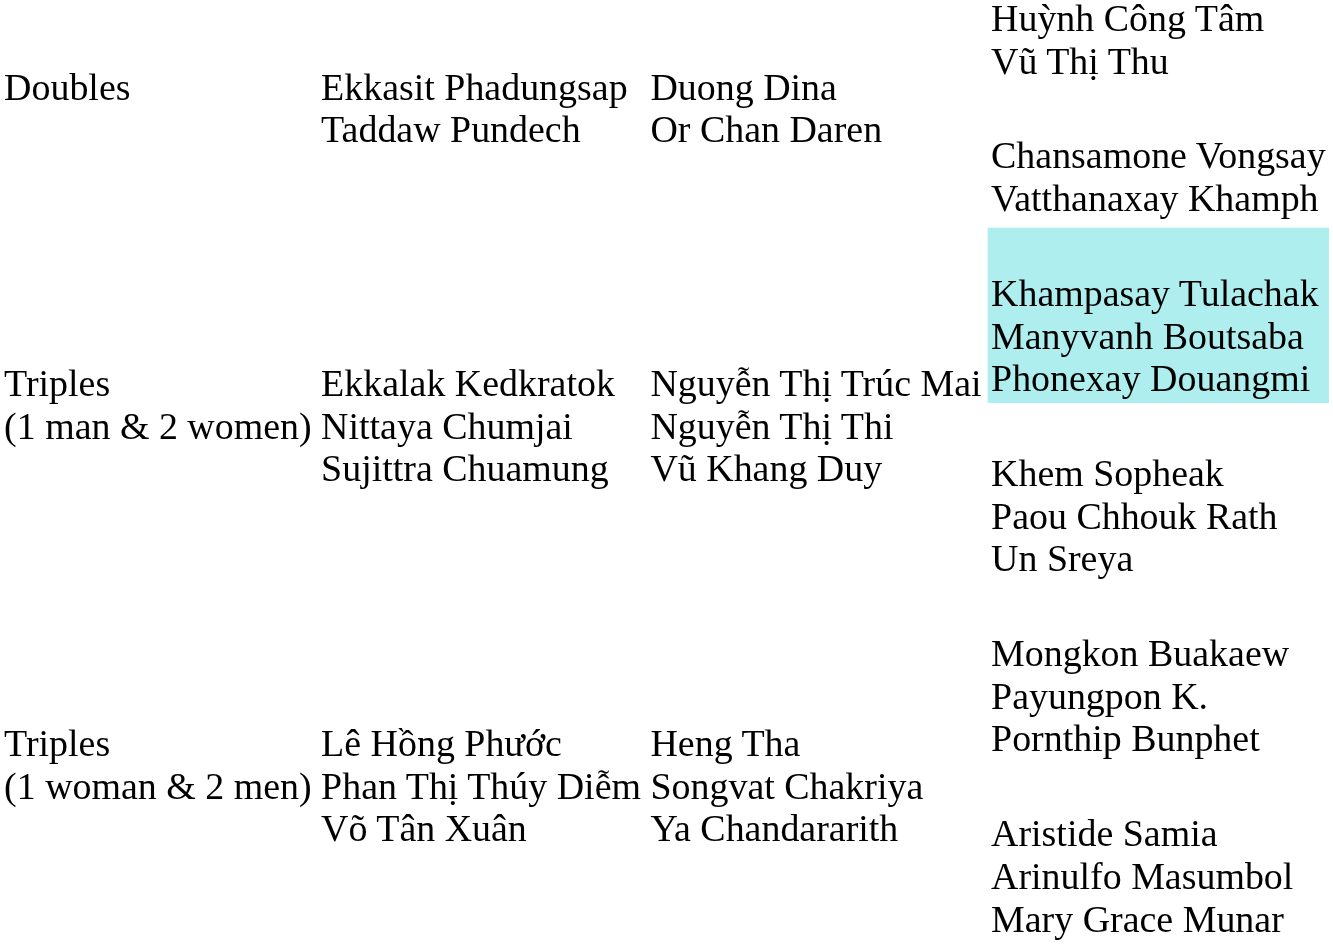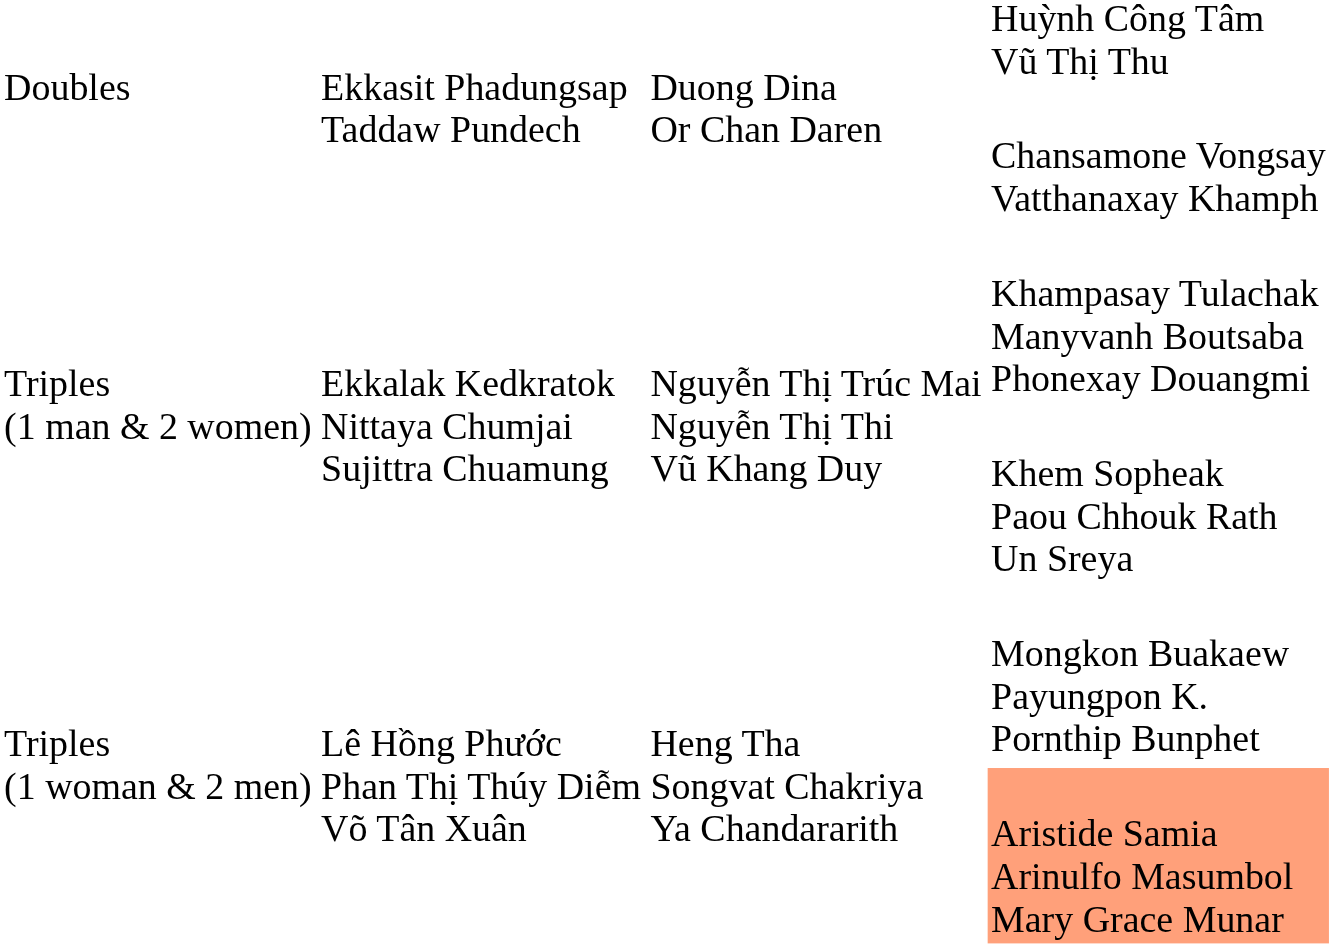 <table>
 <tr>
 <td rowspan="2">Doubles</td>
 <td rowspan="2"><br>Ekkasit Phadungsap<br>Taddaw Pundech</td>
 <td rowspan="2"><br>Duong Dina<br>Or Chan Daren</td>
 <td><br>Huỳnh Công Tâm<br>Vũ Thị Thu</td>
 </tr>
 <tr>
 <td nowrap><br>Chansamone Vongsay<br>Vatthanaxay Khamph</td>
 </tr>
 <tr>
 <td rowspan="2">Triples<br>(1 man & 2 women)</td>
 <td rowspan="2"><br>Ekkalak Kedkratok<br>Nittaya Chumjai<br>Sujittra Chuamung</td>
 <td rowspan="2" nowrap><br>Nguyễn Thị Trúc Mai<br>Nguyễn Thị Thi<br>Vũ Khang Duy</td>
-<td style="background: paleturquoise;"><br>Khampasay Tulachak<br>Manyvanh Boutsaba<br>Phonexay Douangmi</td>
+<td><br>Khampasay Tulachak<br>Manyvanh Boutsaba<br>Phonexay Douangmi</td>
 </tr>
 <tr>
 <td><br>Khem Sopheak<br>Paou Chhouk Rath<br>Un Sreya</td>
 </tr>
 <tr>
 <td rowspan="2">Triples<br>(1 woman & 2 men)</td>
 <td rowspan="2" nowrap><br>Lê Hồng Phước<br>Phan Thị Thúy Diễm<br>Võ Tân Xuân</td>
 <td rowspan="2"><br>Heng Tha<br>Songvat Chakriya<br>Ya Chandararith</td>
 <td><br>Mongkon Buakaew<br>Payungpon K.<br>Pornthip Bunphet</td>
 </tr>
 <tr>
-<td><br>Aristide Samia<br>Arinulfo Masumbol<br>Mary Grace Munar</td>
+<td style="background: lightsalmon;"><br>Aristide Samia<br>Arinulfo Masumbol<br>Mary Grace Munar</td>
 </tr>
 </table>
